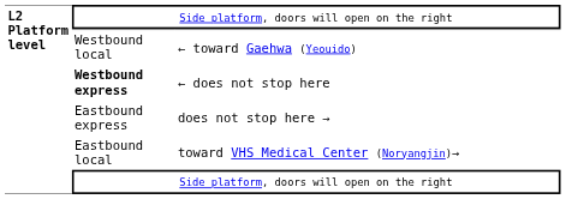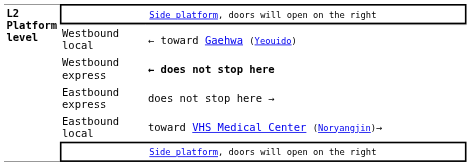 <table table border=0 cellspacing=0 cellpadding=3>
 <tr>
 <td style="border-top:solid 1px gray;border-bottom:solid 1px gray;" width=50 rowspan=10 valign=top><strong>L2<br>Platform level</strong></td>
 <td style="border-top:solid 2px black;border-right:solid 2px black;border-left:solid 2px black;border-bottom:solid 2px black;text-align:center;" colspan=2><small><a href='#'>Side platform</a>, doors will open on the right </small></td>
 </tr>
 <tr>
 <td style="border-bottom:solid 0px gray;border-top:solid 1px gray;" width=100>Westbound local</td>
 <td style="border-bottom:solid 0px gray;border-top:solid 1px gray;" width=390>←  toward <a href='#'>Gaehwa</a> <small>(<a href='#'>Yeouido</a>)</small></td>
 </tr>
 <tr>
-<td><strong>Westbound express</strong></td>
-<td>← <span> does not stop here</span></td>
+<td>Westbound express</td>
+<td><strong>← <span> does not stop here</span></strong></td>
 </tr>
 <tr>
 <td>Eastbound express</td>
 <td>  does not stop here →</td>
 </tr>
 <tr>
 <td>Eastbound local</td>
 <td>  toward <a href='#'>VHS Medical Center</a> <small>(<a href='#'>Noryangjin</a>)</small>→</td>
 </tr>
 <tr>
 <td style="border-top:solid 2px black;border-right:solid 2px black;border-left:solid 2px black;border-bottom:solid 2px black;text-align:center;" colspan=2><small><a href='#'>Side platform</a>, doors will open on the right </small></td>
 </tr>
 </table>
